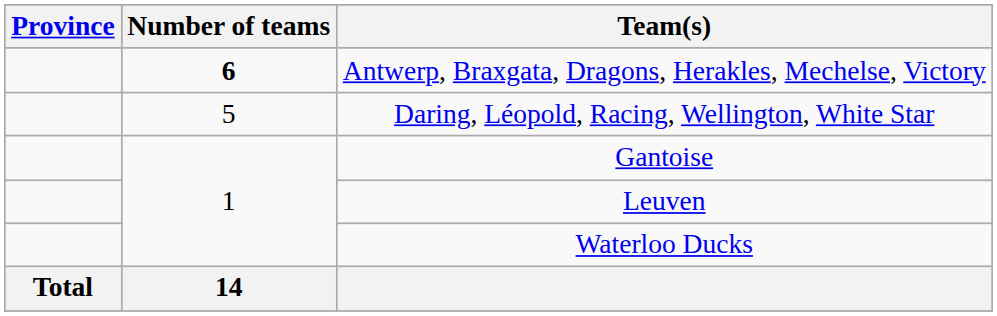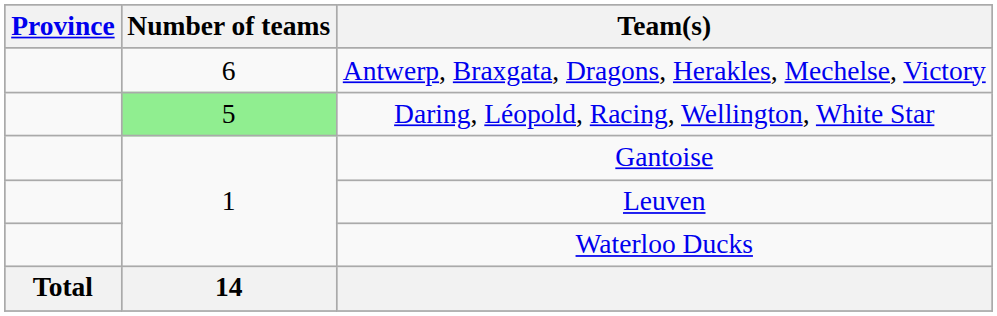 <table class="wikitable" style="text-align:center">
 <tr>
 <th><a href='#'>Province</a></th>
 <th>Number of teams</th>
 <th>Team(s)</th>
 </tr>
 <tr>
 <td align="left"></td>
-<td><strong>6</strong></td>
+<td>6</td>
 <td><a href='#'>Antwerp</a>, <a href='#'>Braxgata</a>, <a href='#'>Dragons</a>, <a href='#'>Herakles</a>, <a href='#'>Mechelse</a>, <a href='#'>Victory</a></td>
 </tr>
 <tr>
 <td align="left"></td>
-<td>5</td>
+<td style="background: lightgreen;">5</td>
 <td><a href='#'>Daring</a>, <a href='#'>Léopold</a>, <a href='#'>Racing</a>, <a href='#'>Wellington</a>, <a href='#'>White Star</a></td>
 </tr>
 <tr>
 <td align="left"></td>
 <td rowspan=3>1</td>
 <td><a href='#'>Gantoise</a></td>
 </tr>
 <tr>
 <td align=left></td>
 <td><a href='#'>Leuven</a></td>
 </tr>
 <tr>
 <td align=left></td>
 <td><a href='#'>Waterloo Ducks</a></td>
 </tr>
 <tr>
 <th>Total</th>
 <th>14</th>
 <th></th>
 </tr>
 </table>
